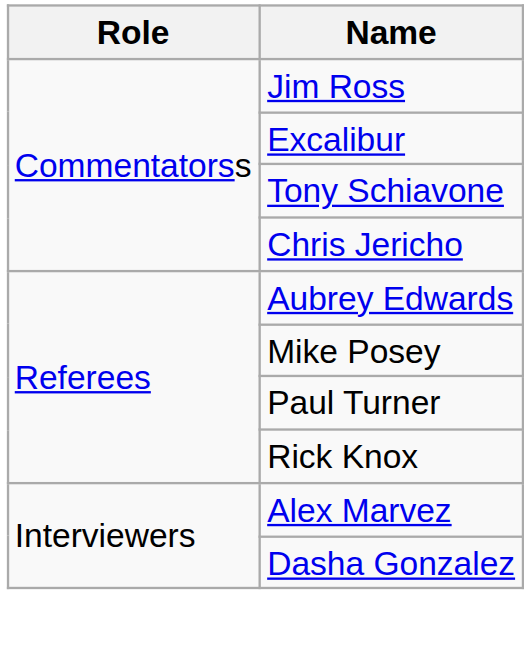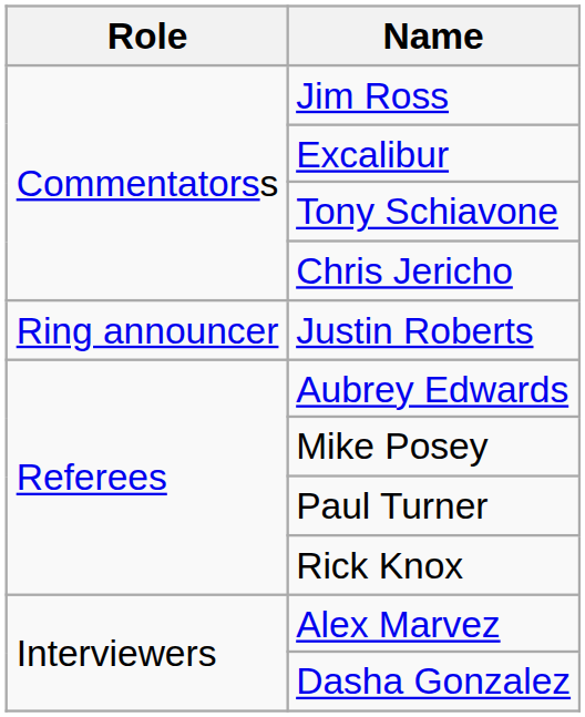 <table class=wikitable style="font-size:90%; margin: 0.5em 0 0.5em 1em; float: right; clear: right;">
 <tr>
 <th>Role</th>
 <th>Name</th>
 </tr>
 <tr>
 <td rowspan=4><a href='#'>Commentators</a>s</td>
 <td><a href='#'>Jim Ross</a></td>
 </tr>
 <tr>
 <td><a href='#'>Excalibur</a></td>
 </tr>
 <tr>
 <td><a href='#'>Tony Schiavone</a></td>
 </tr>
 <tr>
 <td><a href='#'>Chris Jericho</a> </td>
+</tr>
+<tr>
+<td rowspan=1><a href='#'>Ring announcer</a></td>
+<td><a href='#'>Justin Roberts</a></td>
 </tr>
 <tr>
 <td rowspan=4><a href='#'>Referees</a></td>
 <td><a href='#'>Aubrey Edwards</a></td>
 </tr>
 <tr>
 <td>Mike Posey</td>
 </tr>
 <tr>
 <td>Paul Turner</td>
 </tr>
 <tr>
 <td>Rick Knox</td>
 </tr>
 <tr>
 <td rowspan=2>Interviewers</td>
 <td><a href='#'>Alex Marvez</a></td>
 </tr>
 <tr>
 <td><a href='#'>Dasha Gonzalez</a></td>
 </tr>
 </table>
